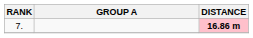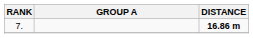 <table class="wikitable" style="border-collapse: collapse; font-size: 90%;">
 <tr>
 <th>RANK</th>
 <th align="center" style="width: 18em">GROUP A</th>
 <th>DISTANCE</th>
 </tr>
 <tr>
 <td align="center">7.</td>
 <td></td>
-<td align="center" style="background: pink;"><strong>16.86 m</strong></td>
+<td align="center"><strong>16.86 m</strong></td>
 </tr>
 <tr>
 </tr>
 </table>
